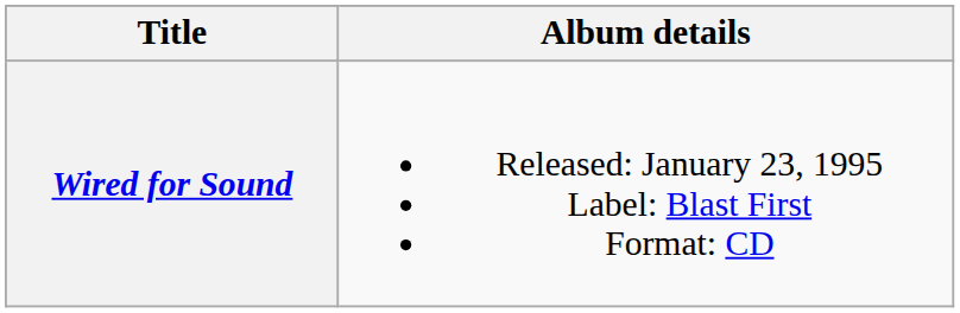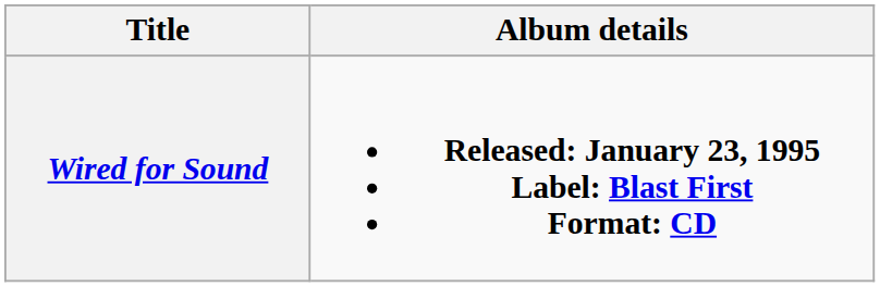 <table class="wikitable plainrowheaders" style="text-align:center;">
 <tr>
 <th scope="col" rowspan="1" style="width:9em;">Title</th>
 <th scope="col" rowspan="1" style="width:17em;">Album details</th>
 </tr>
 <tr>
 <th scope="row"><em><a href='#'>Wired for Sound</a></em></th>
-<td><br><ul><li>Released: January 23, 1995</li><li>Label: <a href='#'>Blast First</a></li><li>Format: <a href='#'>CD</a></li></ul></td>
+<td><strong><br><ul><li>Released: January 23, 1995</li><li>Label: <a href='#'>Blast First</a></li><li>Format: <a href='#'>CD</a></li></ul></strong></td>
 </tr>
 </table>
